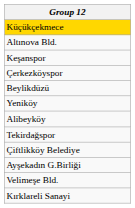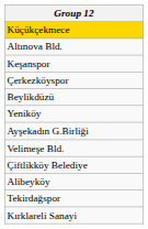 <table class="wikitable collapsible collapsed" style="font-size:95%;">
 <tr>
 <th colspan="1" width="200"><em>Group 12</em></th>
 </tr>
 <tr>
 <td style="background: gold;">Küçükçekmece</td>
 </tr>
 <tr>
 <td>Altınova Bld.</td>
 </tr>
 <tr>
 <td>Keşanspor</td>
 </tr>
 <tr>
 <td>Çerkezköyspor</td>
 </tr>
 <tr>
 <td>Beylikdüzü</td>
 </tr>
 <tr>
 <td>Yeniköy</td>
 </tr>
 <tr>
+<td>Ayşekadın G.Birliği</td>
+</tr>
+<tr>
+<td>Velimeşe Bld.</td>
+</tr>
+<tr>
+<td>Çiftlikköy Belediye</td>
+</tr>
+<tr>
 <td>Alibeyköy</td>
 </tr>
 <tr>
 <td>Tekirdağspor</td>
 </tr>
 <tr>
-<td>Çiftlikköy Belediye</td>
-</tr>
-<tr>
-<td>Ayşekadın G.Birliği</td>
-</tr>
-<tr>
-<td>Velimeşe Bld.</td>
-</tr>
-<tr>
 <td>Kırklareli Sanayi</td>
 </tr>
 </table>
